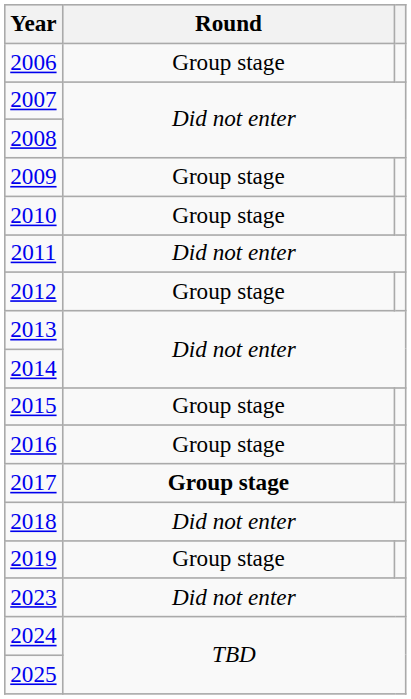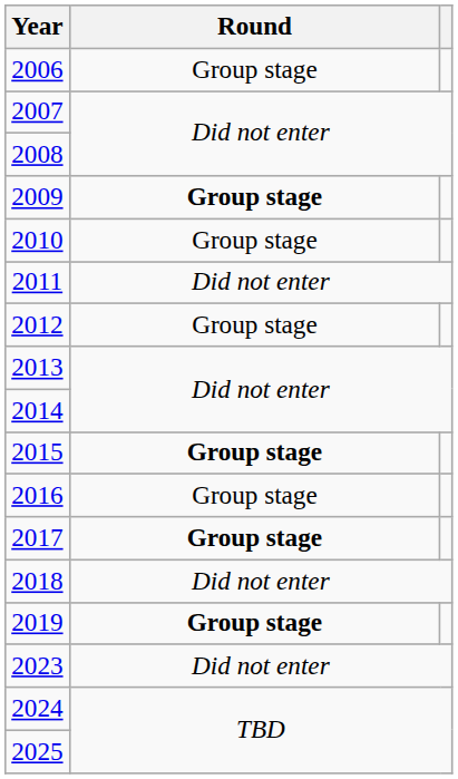 <table class="wikitable" style="text-align: center; font-size:90%">
 <tr>
 <th>Year</th>
 <th style="width:200px">Round</th>
 <th></th>
 </tr>
 <tr>
 <td><a href='#'>2006</a></td>
 <td>Group stage</td>
 <td></td>
 </tr>
 <tr>
 <td><a href='#'>2007</a></td>
 <td colspan="2" rowspan="2"><em>Did not enter</em></td>
 </tr>
 <tr>
 <td><a href='#'>2008</a></td>
 </tr>
 <tr>
 <td><a href='#'>2009</a></td>
-<td>Group stage</td>
+<td><strong>Group stage</strong></td>
 <td></td>
 </tr>
 <tr>
 <td><a href='#'>2010</a></td>
 <td>Group stage</td>
 <td></td>
 </tr>
 <tr>
 <td><a href='#'>2011</a></td>
 <td colspan="2"><em>Did not enter</em></td>
 </tr>
 <tr>
 <td><a href='#'>2012</a></td>
 <td>Group stage</td>
 <td></td>
 </tr>
 <tr>
 <td><a href='#'>2013</a></td>
 <td colspan="2" rowspan="2"><em>Did not enter</em></td>
 </tr>
 <tr>
 <td><a href='#'>2014</a></td>
 </tr>
 <tr>
 <td><a href='#'>2015</a></td>
-<td>Group stage</td>
+<td><strong>Group stage</strong></td>
 <td></td>
 </tr>
 <tr>
 <td><a href='#'>2016</a></td>
 <td>Group stage</td>
 <td></td>
 </tr>
 <tr>
 <td><a href='#'>2017</a></td>
 <td><strong>Group stage</strong></td>
 <td></td>
 </tr>
 <tr>
 <td><a href='#'>2018</a></td>
 <td colspan="2"><em>Did not enter</em></td>
 </tr>
 <tr>
 <td><a href='#'>2019</a></td>
-<td>Group stage</td>
+<td><strong>Group stage</strong></td>
 <td></td>
 </tr>
 <tr>
 <td><a href='#'>2023</a></td>
 <td colspan="2"><em>Did not enter</em></td>
 </tr>
 <tr>
 <td><a href='#'>2024</a></td>
 <td colspan="2" rowspan="2"><em>TBD</em></td>
 </tr>
 <tr>
 <td><a href='#'>2025</a></td>
 </tr>
 </table>
